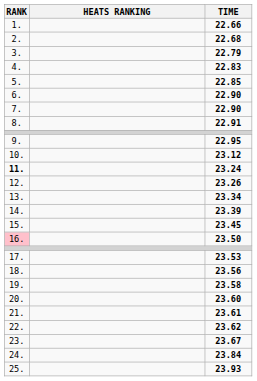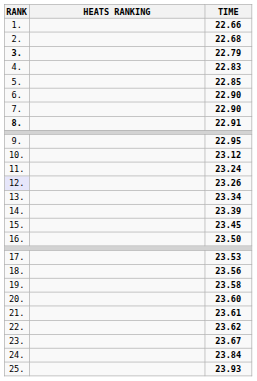 <table class="wikitable">
 <tr>
 <th>RANK</th>
 <th style="width: 20em">HEATS RANKING</th>
 <th style="width: 5em">TIME</th>
 </tr>
 <tr>
 <td align="center">1.</td>
 <td></td>
 <td align="center"><strong>22.66</strong></td>
 </tr>
 <tr>
 <td align="center">2.</td>
 <td></td>
 <td align="center"><strong>22.68</strong></td>
 </tr>
 <tr>
-<td align="center">3.</td>
+<td align="center"><strong>3.</strong></td>
 <td></td>
 <td align="center"><strong>22.79</strong></td>
 </tr>
 <tr>
 <td align="center">4.</td>
 <td></td>
 <td align="center"><strong>22.83</strong></td>
 </tr>
 <tr>
 <td align="center">5.</td>
 <td></td>
 <td align="center"><strong>22.85</strong></td>
 </tr>
 <tr>
 <td align="center">6.</td>
 <td></td>
 <td align="center"><strong>22.90</strong></td>
 </tr>
 <tr>
 <td align="center">7.</td>
 <td></td>
 <td align="center"><strong>22.90</strong></td>
 </tr>
 <tr>
-<td align="center">8.</td>
+<td align="center"><strong>8.</strong></td>
 <td></td>
 <td align="center"><strong>22.91</strong></td>
 </tr>
 <tr>
 <td colspan=3 bgcolor=lightgray></td>
 </tr>
 <tr>
 <td align="center">9.</td>
 <td></td>
 <td align="center"><strong>22.95</strong></td>
 </tr>
 <tr>
 <td align="center">10.</td>
 <td></td>
 <td align="center"><strong>23.12</strong></td>
 </tr>
 <tr>
-<td align="center"><strong>11.</strong></td>
+<td align="center">11.</td>
 <td></td>
 <td align="center"><strong>23.24</strong></td>
 </tr>
 <tr>
-<td align="center">12.</td>
+<td align="center" style="background: lavender;">12.</td>
 <td></td>
 <td align="center"><strong>23.26</strong></td>
 </tr>
 <tr>
 <td align="center">13.</td>
 <td></td>
 <td align="center"><strong>23.34</strong></td>
 </tr>
 <tr>
 <td align="center">14.</td>
 <td></td>
 <td align="center"><strong>23.39</strong></td>
 </tr>
 <tr>
 <td align="center">15.</td>
 <td></td>
 <td align="center"><strong>23.45</strong></td>
 </tr>
 <tr>
-<td align="center" style="background: pink;">16.</td>
+<td align="center">16.</td>
 <td></td>
 <td align="center"><strong>23.50</strong></td>
 </tr>
 <tr>
 <td colspan=3 bgcolor=lightgray></td>
 </tr>
 <tr>
 <td align="center">17.</td>
 <td></td>
 <td align="center"><strong>23.53</strong></td>
 </tr>
 <tr>
 <td align="center">18.</td>
 <td></td>
 <td align="center"><strong>23.56</strong></td>
 </tr>
 <tr>
 <td align="center">19.</td>
 <td></td>
 <td align="center"><strong>23.58</strong></td>
 </tr>
 <tr>
 <td align="center">20.</td>
 <td></td>
 <td align="center"><strong>23.60</strong></td>
 </tr>
 <tr>
 <td align="center">21.</td>
 <td></td>
 <td align="center"><strong>23.61</strong></td>
 </tr>
 <tr>
 <td align="center">22.</td>
 <td></td>
 <td align="center"><strong>23.62</strong></td>
 </tr>
 <tr>
 <td align="center">23.</td>
 <td></td>
 <td align="center"><strong>23.67</strong></td>
 </tr>
 <tr>
 <td align="center">24.</td>
 <td></td>
 <td align="center"><strong>23.84</strong></td>
 </tr>
 <tr>
 <td align="center">25.</td>
 <td></td>
 <td align="center"><strong>23.93</strong></td>
 </tr>
 </table>
